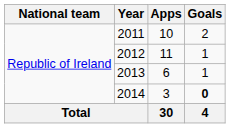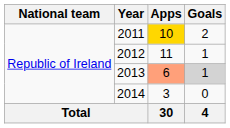 <table class="wikitable" style="text-align:center">
 <tr>
 <th>National team</th>
 <th>Year</th>
 <th>Apps</th>
 <th>Goals</th>
 </tr>
 <tr>
 <td rowspan="4"><a href='#'>Republic of Ireland</a></td>
 <td>2011</td>
-<td>10</td>
+<td style="background: gold;">10</td>
 <td>2</td>
 </tr>
 <tr>
 <td>2012</td>
 <td>11</td>
 <td>1</td>
 </tr>
 <tr>
 <td>2013</td>
-<td>6</td>
-<td>1</td>
+<td style="background: lightsalmon;">6</td>
+<td style="background: lightgrey;">1</td>
 </tr>
 <tr>
 <td>2014</td>
 <td>3</td>
-<td><strong>0</strong></td>
+<td>0</td>
 </tr>
 <tr>
 <th colspan="2">Total</th>
 <th>30</th>
 <th>4</th>
 </tr>
 </table>
